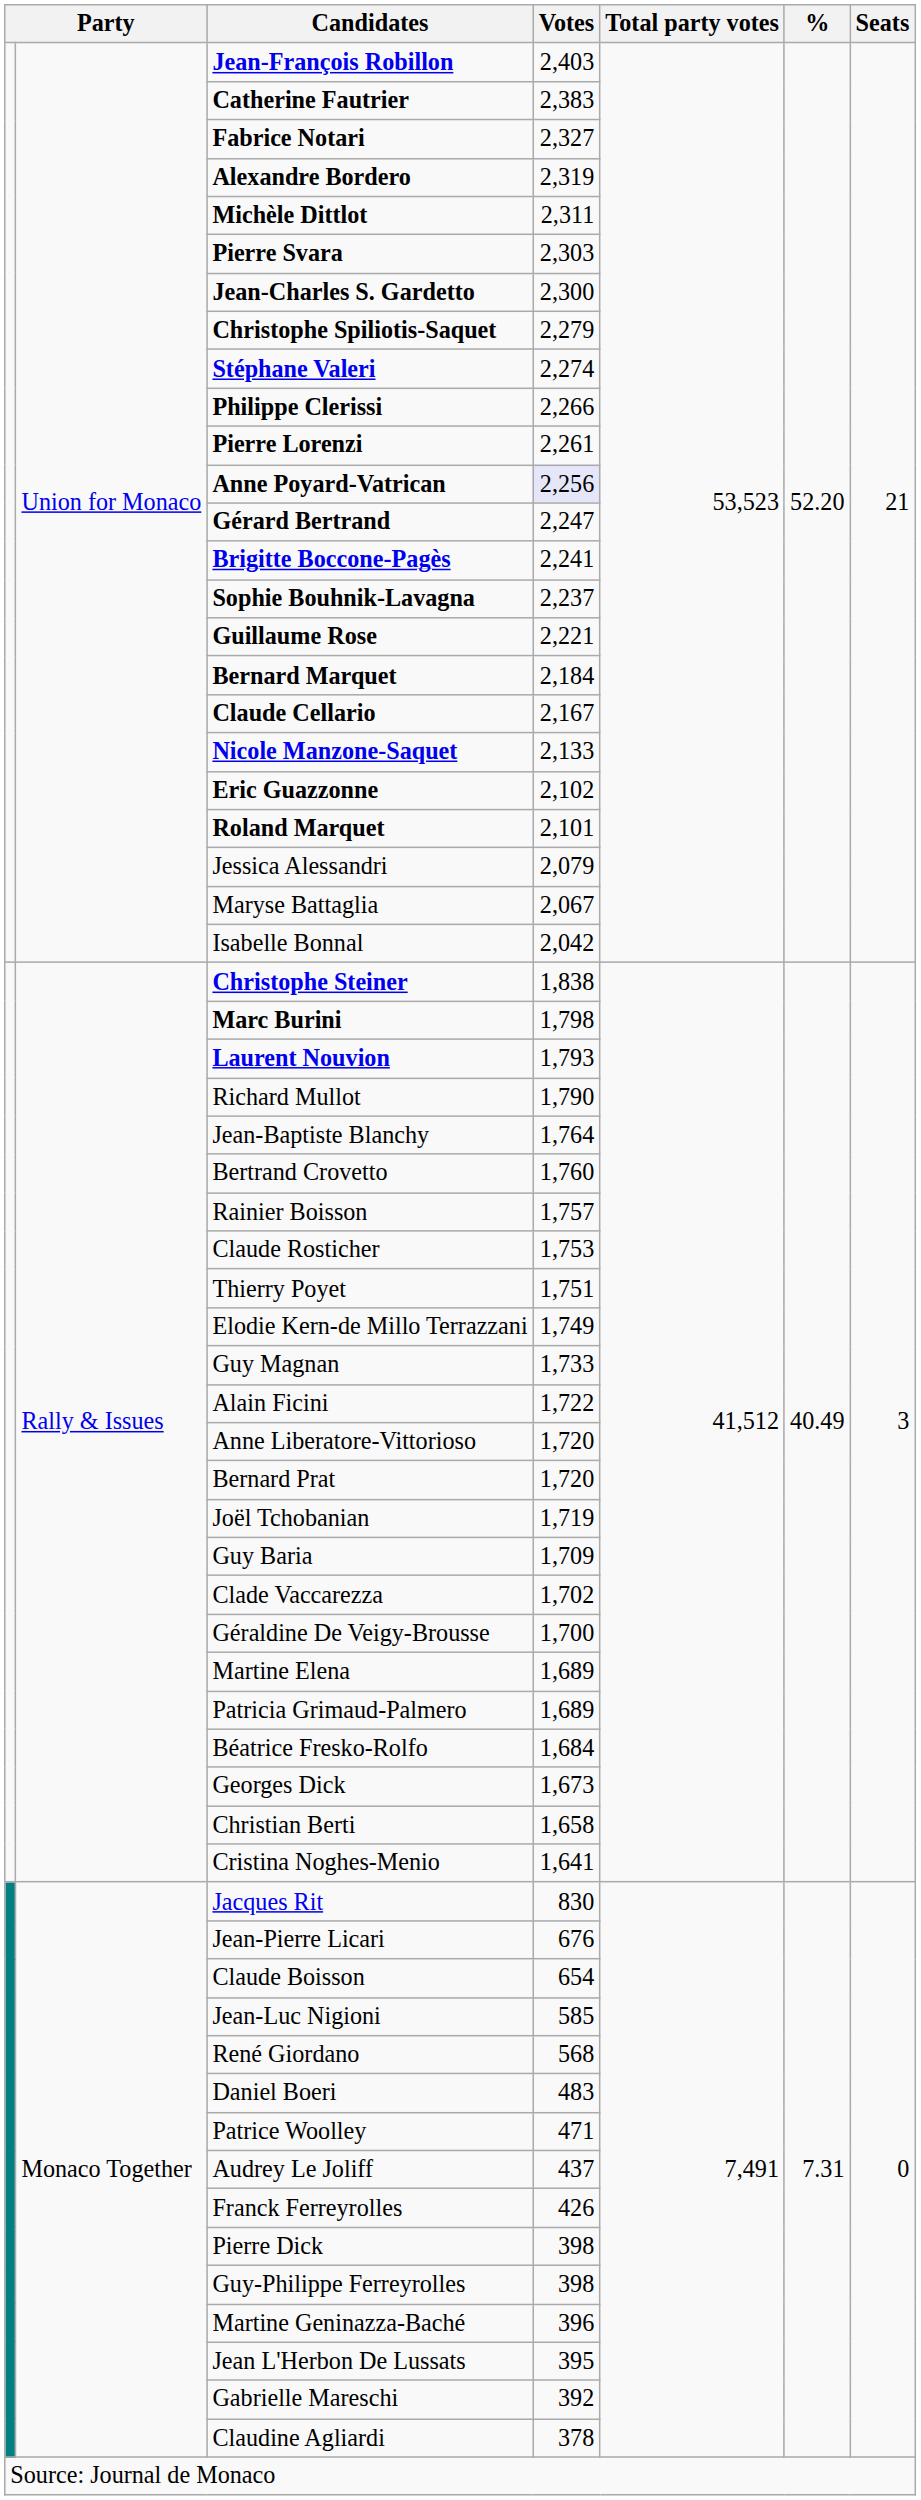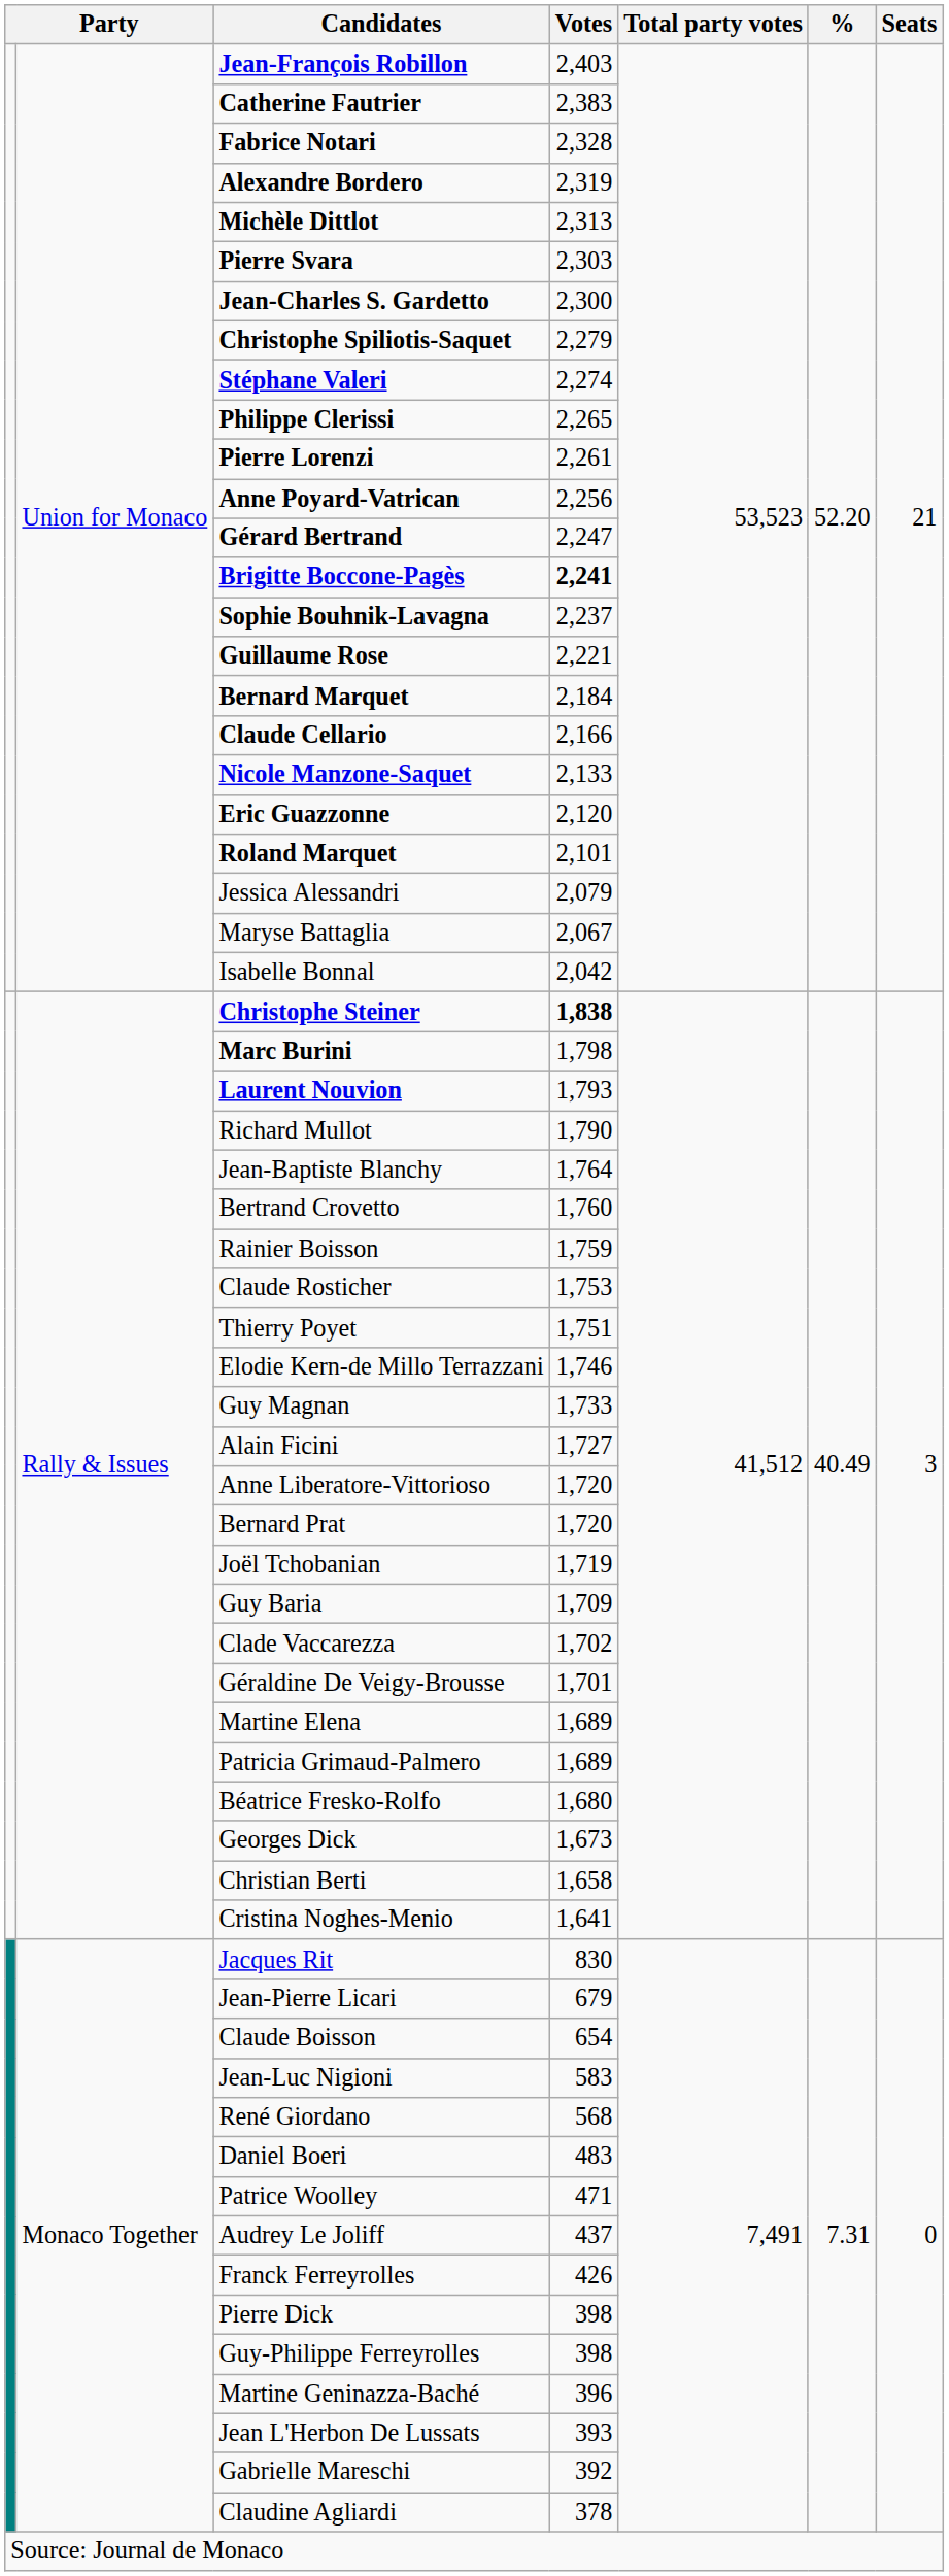 <table class="wikitable" style="text-align:right">
 <tr>
 <th colspan="2">Party</th>
 <th>Candidates</th>
 <th>Votes</th>
 <th>Total party votes</th>
 <th>%</th>
 <th>Seats</th>
 </tr>
 <tr>
 <td rowspan="24" bgcolor=></td>
 <td rowspan="24" align="left"><a href='#'>Union for Monaco</a></td>
 <td align="left"><strong><a href='#'>Jean-François Robillon</a></strong></td>
 <td>2,403</td>
 <td rowspan="24">53,523</td>
 <td rowspan="24">52.20</td>
 <td rowspan="24">21</td>
 </tr>
 <tr>
 <td align="left"><strong>Catherine Fautrier</strong></td>
 <td>2,383</td>
 </tr>
 <tr>
 <td align="left"><strong>Fabrice Notari</strong></td>
-<td>2,327</td>
+<td>2,328</td>
 </tr>
 <tr>
 <td align="left"><strong>Alexandre Bordero</strong></td>
 <td>2,319</td>
 </tr>
 <tr>
 <td align="left"><strong>Michèle Dittlot</strong></td>
-<td>2,311</td>
+<td>2,313</td>
 </tr>
 <tr>
 <td align="left"><strong>Pierre Svara</strong></td>
 <td>2,303</td>
 </tr>
 <tr>
 <td align="left"><strong>Jean-Charles S. Gardetto</strong></td>
 <td>2,300</td>
 </tr>
 <tr>
 <td align="left"><strong>Christophe Spiliotis-Saquet</strong></td>
 <td>2,279</td>
 </tr>
 <tr>
 <td align="left"><strong><a href='#'>Stéphane Valeri</a></strong></td>
 <td>2,274</td>
 </tr>
 <tr>
 <td align="left"><strong>Philippe Clerissi</strong></td>
-<td>2,266</td>
+<td>2,265</td>
 </tr>
 <tr>
 <td align="left"><strong>Pierre Lorenzi</strong></td>
 <td>2,261</td>
 </tr>
 <tr>
 <td align="left"><strong>Anne Poyard-Vatrican</strong></td>
-<td style="background: lavender;">2,256</td>
+<td>2,256</td>
 </tr>
 <tr>
 <td align="left"><strong>Gérard Bertrand</strong></td>
 <td>2,247</td>
 </tr>
 <tr>
 <td align="left"><strong><a href='#'>Brigitte Boccone-Pagès</a></strong></td>
-<td>2,241</td>
+<td><strong>2,241</strong></td>
 </tr>
 <tr>
 <td align="left"><strong>Sophie Bouhnik-Lavagna</strong></td>
 <td>2,237</td>
 </tr>
 <tr>
 <td align="left"><strong>Guillaume Rose</strong></td>
 <td>2,221</td>
 </tr>
 <tr>
 <td align="left"><strong>Bernard Marquet</strong></td>
 <td>2,184</td>
 </tr>
 <tr>
 <td align="left"><strong>Claude Cellario</strong></td>
-<td>2,167</td>
+<td>2,166</td>
 </tr>
 <tr>
 <td align="left"><strong><a href='#'>Nicole Manzone-Saquet</a></strong></td>
 <td>2,133</td>
 </tr>
 <tr>
 <td align="left"><strong>Eric Guazzonne</strong></td>
-<td>2,102</td>
+<td>2,120</td>
 </tr>
 <tr>
 <td align="left"><strong>Roland Marquet</strong></td>
 <td>2,101</td>
 </tr>
 <tr>
 <td align="left">Jessica Alessandri</td>
 <td>2,079</td>
 </tr>
 <tr>
 <td align="left">Maryse Battaglia</td>
 <td>2,067</td>
 </tr>
 <tr>
 <td align="left">Isabelle Bonnal</td>
 <td>2,042</td>
 </tr>
 <tr>
 <td rowspan="24"></td>
 <td rowspan="24" align="left"><a href='#'>Rally & Issues</a></td>
 <td align="left"><strong><a href='#'>Christophe Steiner</a></strong></td>
-<td>1,838</td>
+<td><strong>1,838</strong></td>
 <td rowspan="24">41,512</td>
 <td rowspan="24">40.49</td>
 <td rowspan="24">3</td>
 </tr>
 <tr>
 <td align="left"><strong>Marc Burini</strong></td>
 <td>1,798</td>
 </tr>
 <tr>
 <td align="left"><strong><a href='#'>Laurent Nouvion</a></strong></td>
 <td>1,793</td>
 </tr>
 <tr>
 <td align="left">Richard Mullot</td>
 <td>1,790</td>
 </tr>
 <tr>
 <td align="left">Jean-Baptiste Blanchy</td>
 <td>1,764</td>
 </tr>
 <tr>
 <td align="left">Bertrand Crovetto</td>
 <td>1,760</td>
 </tr>
 <tr>
 <td align="left">Rainier Boisson</td>
-<td>1,757</td>
+<td>1,759</td>
 </tr>
 <tr>
 <td align="left">Claude Rosticher</td>
 <td>1,753</td>
 </tr>
 <tr>
 <td align="left">Thierry Poyet</td>
 <td>1,751</td>
 </tr>
 <tr>
 <td align="left">Elodie Kern-de Millo Terrazzani</td>
-<td>1,749</td>
+<td>1,746</td>
 </tr>
 <tr>
 <td align="left">Guy Magnan</td>
 <td>1,733</td>
 </tr>
 <tr>
 <td align="left">Alain Ficini</td>
-<td>1,722</td>
+<td>1,727</td>
 </tr>
 <tr>
 <td align="left">Anne Liberatore-Vittorioso</td>
 <td>1,720</td>
 </tr>
 <tr>
 <td align="left">Bernard Prat</td>
 <td>1,720</td>
 </tr>
 <tr>
 <td align="left">Joël Tchobanian</td>
 <td>1,719</td>
 </tr>
 <tr>
 <td align="left">Guy Baria</td>
 <td>1,709</td>
 </tr>
 <tr>
 <td align="left">Clade Vaccarezza</td>
 <td>1,702</td>
 </tr>
 <tr>
 <td align="left">Géraldine De Veigy-Brousse</td>
-<td>1,700</td>
+<td>1,701</td>
 </tr>
 <tr>
 <td align="left">Martine Elena</td>
 <td>1,689</td>
 </tr>
 <tr>
 <td align="left">Patricia Grimaud-Palmero</td>
 <td>1,689</td>
 </tr>
 <tr>
 <td align="left">Béatrice Fresko-Rolfo</td>
-<td>1,684</td>
+<td>1,680</td>
 </tr>
 <tr>
 <td align="left">Georges Dick</td>
 <td>1,673</td>
 </tr>
 <tr>
 <td align="left">Christian Berti</td>
 <td>1,658</td>
 </tr>
 <tr>
 <td align="left">Cristina Noghes-Menio</td>
 <td>1,641</td>
 </tr>
 <tr>
 <td rowspan="15" bgcolor=#008080></td>
 <td rowspan="15" align=left>Monaco Together</td>
 <td align="left"><a href='#'>Jacques Rit</a></td>
 <td>830</td>
 <td rowspan="15">7,491</td>
 <td rowspan="15">7.31</td>
 <td rowspan="15">0</td>
 </tr>
 <tr>
 <td align="left">Jean-Pierre Licari</td>
-<td>676</td>
+<td>679</td>
 </tr>
 <tr>
 <td align="left">Claude Boisson</td>
 <td>654</td>
 </tr>
 <tr>
 <td align="left">Jean-Luc Nigioni</td>
-<td>585</td>
+<td>583</td>
 </tr>
 <tr>
 <td align="left">René Giordano</td>
 <td>568</td>
 </tr>
 <tr>
 <td align="left">Daniel Boeri</td>
 <td>483</td>
 </tr>
 <tr>
 <td align="left">Patrice Woolley</td>
 <td>471</td>
 </tr>
 <tr>
 <td align="left">Audrey Le Joliff</td>
 <td>437</td>
 </tr>
 <tr>
 <td align="left">Franck Ferreyrolles</td>
 <td>426</td>
 </tr>
 <tr>
 <td align="left">Pierre Dick</td>
 <td>398</td>
 </tr>
 <tr>
 <td align="left">Guy-Philippe Ferreyrolles</td>
 <td>398</td>
 </tr>
 <tr>
 <td align="left">Martine Geninazza-Baché</td>
 <td>396</td>
 </tr>
 <tr>
 <td align="left">Jean L'Herbon De Lussats</td>
-<td>395</td>
+<td>393</td>
 </tr>
 <tr>
 <td align="left">Gabrielle Mareschi</td>
 <td>392</td>
 </tr>
 <tr>
 <td align="left">Claudine Agliardi</td>
 <td>378</td>
 </tr>
 <tr>
 <td colspan="7" align="left">Source: Journal de Monaco</td>
 </tr>
 </table>
